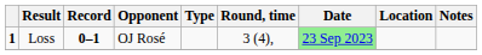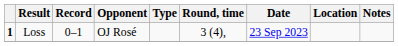 <table class="wikitable" style="text-align:center">
 <tr>
 <th></th>
 <th>Result</th>
 <th>Record</th>
 <th>Opponent</th>
 <th>Type</th>
 <th>Round, time</th>
 <th>Date</th>
 <th>Location</th>
 <th>Notes</th>
 </tr>
 <tr>
 <td><strong>1</strong></td>
 <td>Loss</td>
-<td><strong>0–1</strong></td>
+<td>0–1</td>
 <td style="text-align:left;">OJ Rosé</td>
 <td></td>
 <td>3 (4), </td>
-<td style="background: lightgreen;"><a href='#'>23 Sep 2023</a></td>
+<td><a href='#'>23 Sep 2023</a></td>
 <td style="text-align:left;"></td>
 <td style="text-align:left;"></td>
 </tr>
 <tr>
 </tr>
 </table>
